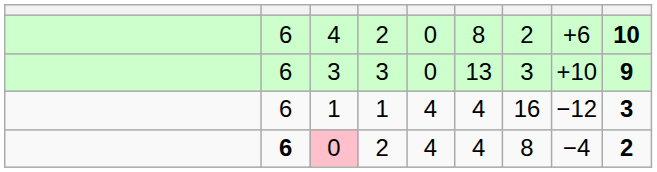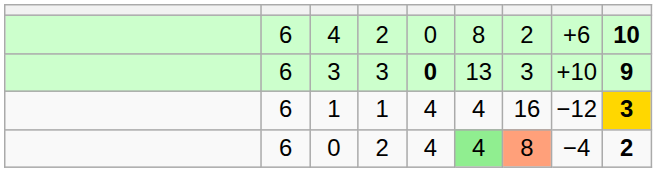 <table class="wikitable" style="text-align:center">
 <tr>
 <th width=165></th>
 <th width=25></th>
 <th width=25></th>
 <th width=25></th>
 <th width=25></th>
 <th width=25></th>
 <th width=25></th>
 <th width=25></th>
 <th width=25></th>
 </tr>
 <tr bgcolor="#ccffcc">
 <td align="left"></td>
 <td>6</td>
 <td>4</td>
 <td>2</td>
 <td>0</td>
 <td>8</td>
 <td>2</td>
 <td>+6</td>
 <td><strong>10</strong></td>
 </tr>
 <tr bgcolor="#ccffcc">
 <td align="left"></td>
 <td>6</td>
 <td>3</td>
 <td>3</td>
-<td>0</td>
+<td><strong>0</strong></td>
 <td>13</td>
 <td>3</td>
 <td>+10</td>
 <td><strong>9</strong></td>
 </tr>
 <tr>
 <td align="left"></td>
 <td>6</td>
 <td>1</td>
 <td>1</td>
 <td>4</td>
 <td>4</td>
 <td>16</td>
 <td>−12</td>
-<td><strong>3</strong></td>
+<td style="background: gold;"><strong>3</strong></td>
 </tr>
 <tr>
 <td align="left"></td>
-<td><strong>6</strong></td>
-<td style="background: pink;">0</td>
+<td>6</td>
+<td>0</td>
 <td>2</td>
 <td>4</td>
-<td>4</td>
-<td>8</td>
+<td style="background: lightgreen;">4</td>
+<td style="background: lightsalmon;">8</td>
 <td>−4</td>
 <td><strong>2</strong></td>
 </tr>
 </table>
